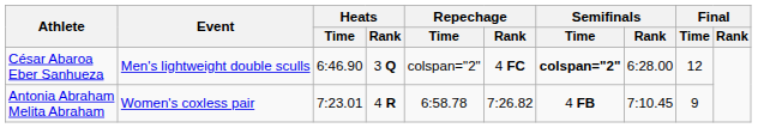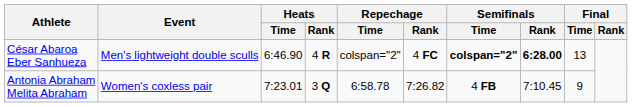 <table class=wikitable style=font-size:90%;text-align:center>
 <tr>
 <th rowspan=2>Athlete</th>
 <th rowspan=2>Event</th>
 <th colspan=2>Heats</th>
 <th colspan=2>Repechage</th>
 <th colspan=2>Semifinals</th>
 <th colspan=2>Final</th>
 </tr>
 <tr style=font-size:95%>
 <th>Time</th>
 <th>Rank</th>
 <th>Time</th>
 <th>Rank</th>
 <th>Time</th>
 <th>Rank</th>
 <th>Time</th>
 <th>Rank</th>
 </tr>
 <tr>
 <td align=left><a href='#'>César Abaroa</a><br><a href='#'>Eber Sanhueza</a></td>
 <td align=left><a href='#'>Men's lightweight double sculls</a></td>
 <td>6:46.90</td>
-<td>3 <strong>Q</strong></td>
+<td>4 <strong>R</strong></td>
 <td>colspan="2" </td>
 <td>4 <strong>FC</strong></td>
 <td><strong>colspan="2"</strong></td>
-<td>6:28.00</td>
-<td>12</td>
+<td><strong>6:28.00</strong></td>
+<td>13</td>
 </tr>
 <tr>
 <td align=left><a href='#'>Antonia Abraham</a><br><a href='#'>Melita Abraham</a></td>
 <td align=left><a href='#'>Women's coxless pair</a></td>
 <td>7:23.01</td>
-<td>4 <strong>R</strong></td>
+<td>3 <strong>Q</strong></td>
 <td>6:58.78</td>
 <td>7:26.82</td>
 <td>4 <strong>FB</strong></td>
 <td>7:10.45</td>
 <td>9</td>
 </tr>
 </table>
